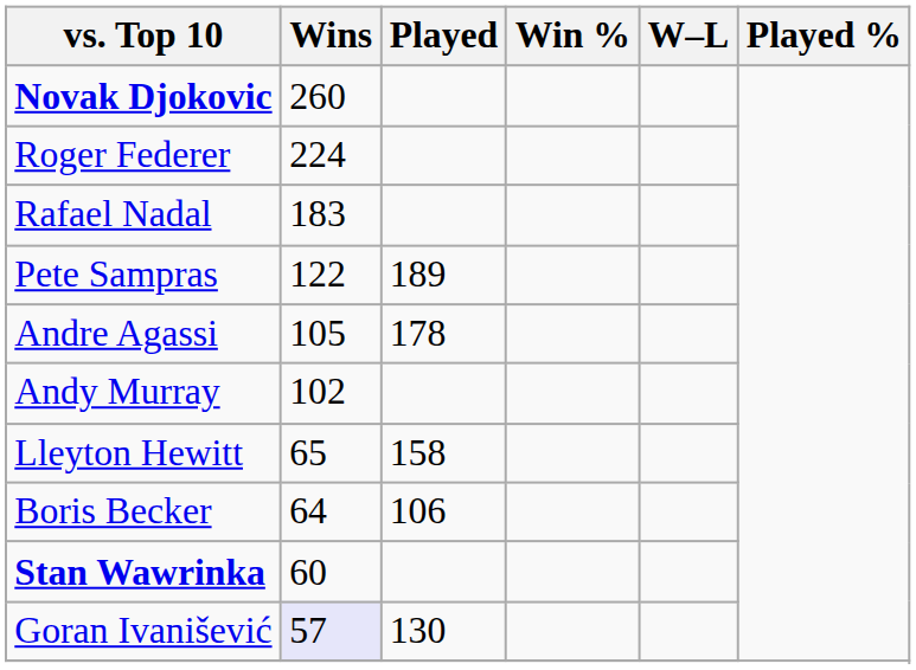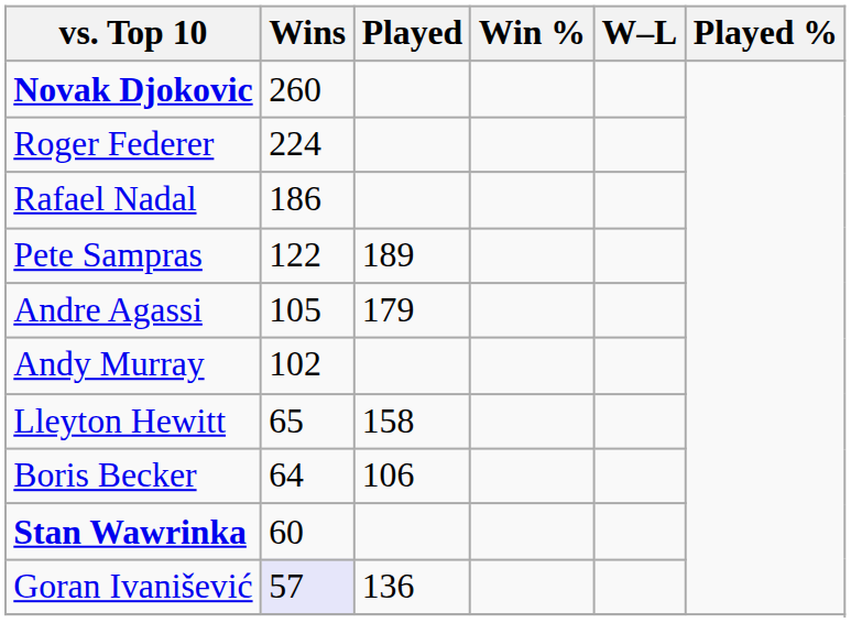 <table class="wikitable sortable" style="display: inline-table;">
 <tr>
 <th>vs. Top 10</th>
 <th>Wins</th>
 <th>Played</th>
 <th>Win %</th>
 <th>W–L</th>
 <th>Played %</th>
 </tr>
 <tr>
 <td> <strong><a href='#'>Novak Djokovic</a></strong></td>
 <td>260</td>
 <td></td>
 <td></td>
 <td></td>
 </tr>
 <tr>
 <td> <a href='#'>Roger Federer</a></td>
 <td>224</td>
 <td></td>
 <td></td>
 <td></td>
 </tr>
 <tr>
 <td> <a href='#'>Rafael Nadal</a></td>
-<td>183</td>
+<td>186</td>
 <td></td>
 <td></td>
 <td></td>
 </tr>
 <tr>
 <td> <a href='#'>Pete Sampras</a></td>
 <td>122</td>
 <td>189</td>
 <td></td>
 <td></td>
 </tr>
 <tr>
 <td> <a href='#'>Andre Agassi</a></td>
 <td>105</td>
-<td>178</td>
+<td>179</td>
 <td></td>
 <td></td>
 </tr>
 <tr>
 <td> <a href='#'>Andy Murray</a></td>
 <td>102</td>
 <td></td>
 <td></td>
 <td></td>
 </tr>
 <tr>
 <td> <a href='#'>Lleyton Hewitt</a></td>
 <td>65</td>
 <td>158</td>
 <td></td>
 <td></td>
 </tr>
 <tr>
 <td> <a href='#'>Boris Becker</a></td>
 <td>64</td>
 <td>106</td>
 <td></td>
 <td></td>
 </tr>
 <tr>
 <td> <strong><a href='#'>Stan Wawrinka</a></strong></td>
 <td>60</td>
 <td></td>
 <td></td>
 <td></td>
 </tr>
 <tr>
 <td> <a href='#'>Goran Ivanišević</a></td>
 <td style="background: lavender;">57</td>
-<td>130</td>
+<td>136</td>
 <td></td>
 <td></td>
 </tr>
 <tr>
 </tr>
 </table>
